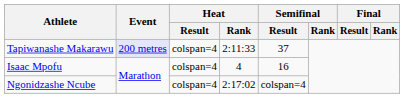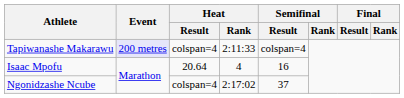 <table class="wikitable" style="font-size:90%">
 <tr>
 <th rowspan="2">Athlete</th>
 <th rowspan="2">Event</th>
 <th colspan="2">Heat</th>
 <th colspan="2">Semifinal</th>
 <th colspan="2">Final</th>
 </tr>
 <tr style="font-size:95%">
 <th>Result</th>
 <th>Rank</th>
 <th>Result</th>
 <th>Rank</th>
 <th>Result</th>
 <th>Rank</th>
 </tr>
 <tr align=center>
 <td align=left><a href='#'>Tapiwanashe Makarawu</a></td>
 <td align=left style="background: lavender;"><a href='#'>200 metres</a></td>
 <td>colspan=4</td>
 <td>2:11:33 </td>
-<td>37</td>
+<td>colspan=4 </td>
 </tr>
 <tr align=center>
 <td align=left><a href='#'>Isaac Mpofu</a></td>
 <td align=left rowspan=2><a href='#'>Marathon</a></td>
-<td>colspan=4</td>
+<td>20.64</td>
 <td>4</td>
 <td>16</td>
 </tr>
 <tr align=center>
 <td align=left><a href='#'>Ngonidzashe Ncube</a></td>
 <td>colspan=4</td>
 <td>2:17:02 </td>
-<td>colspan=4 </td>
+<td>37</td>
 </tr>
 </table>
